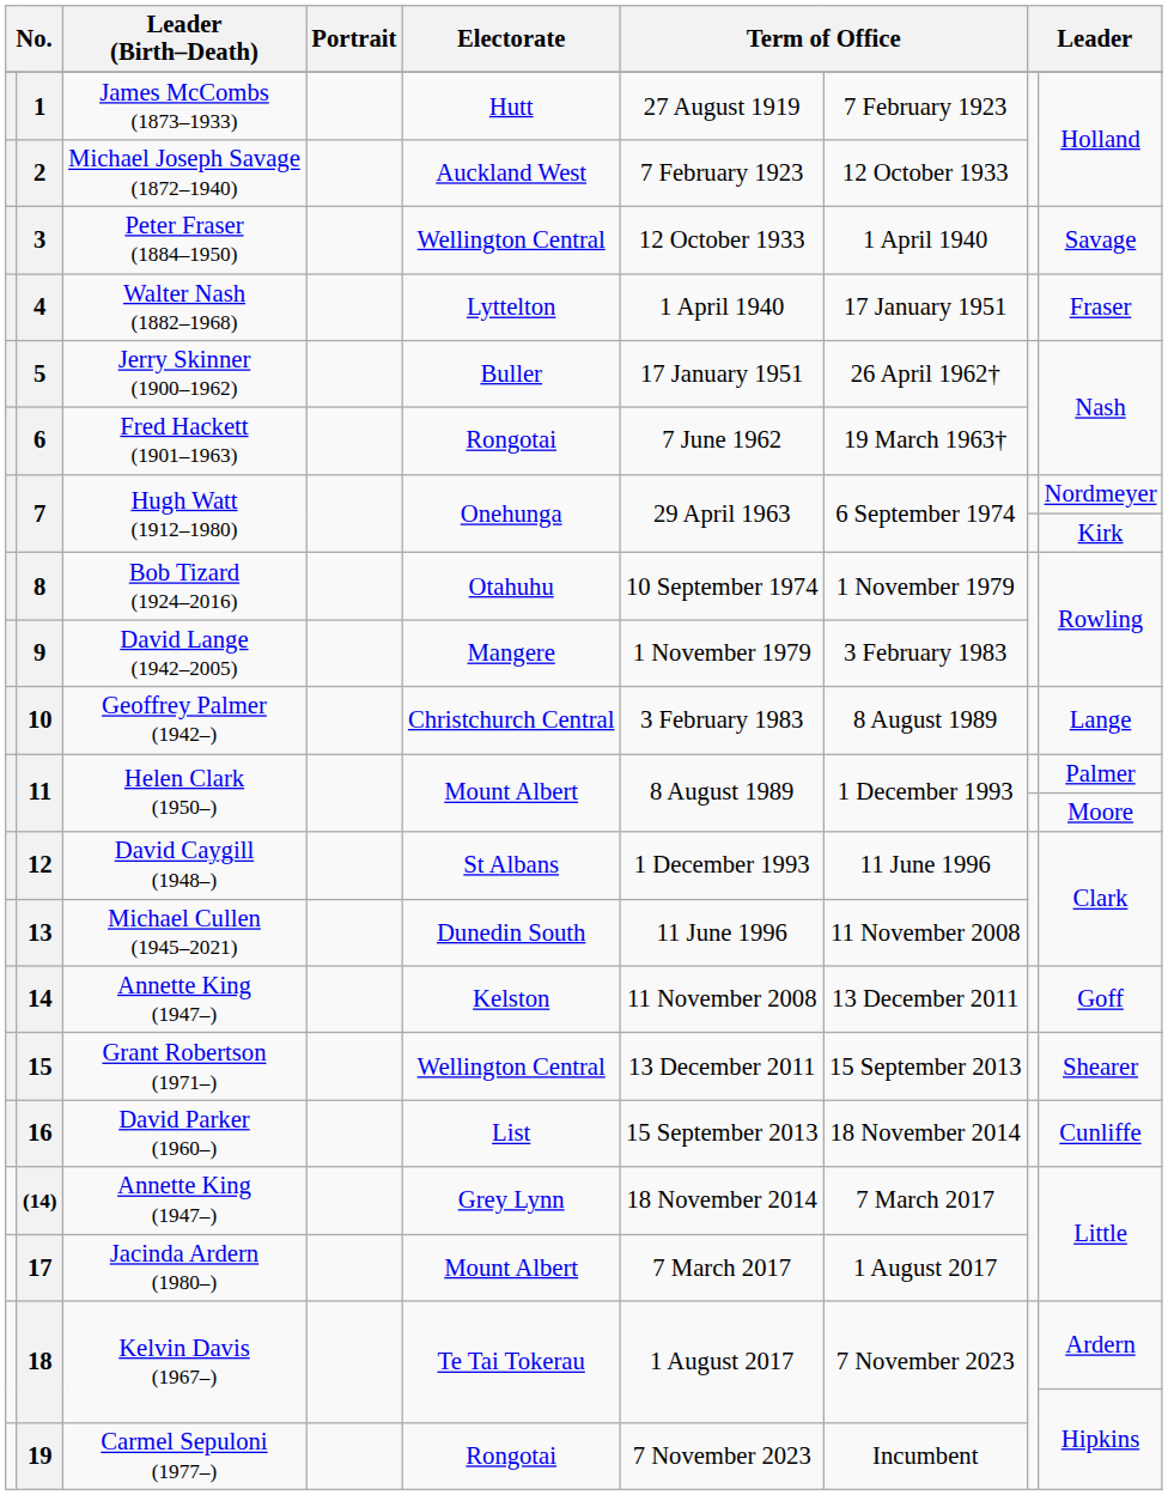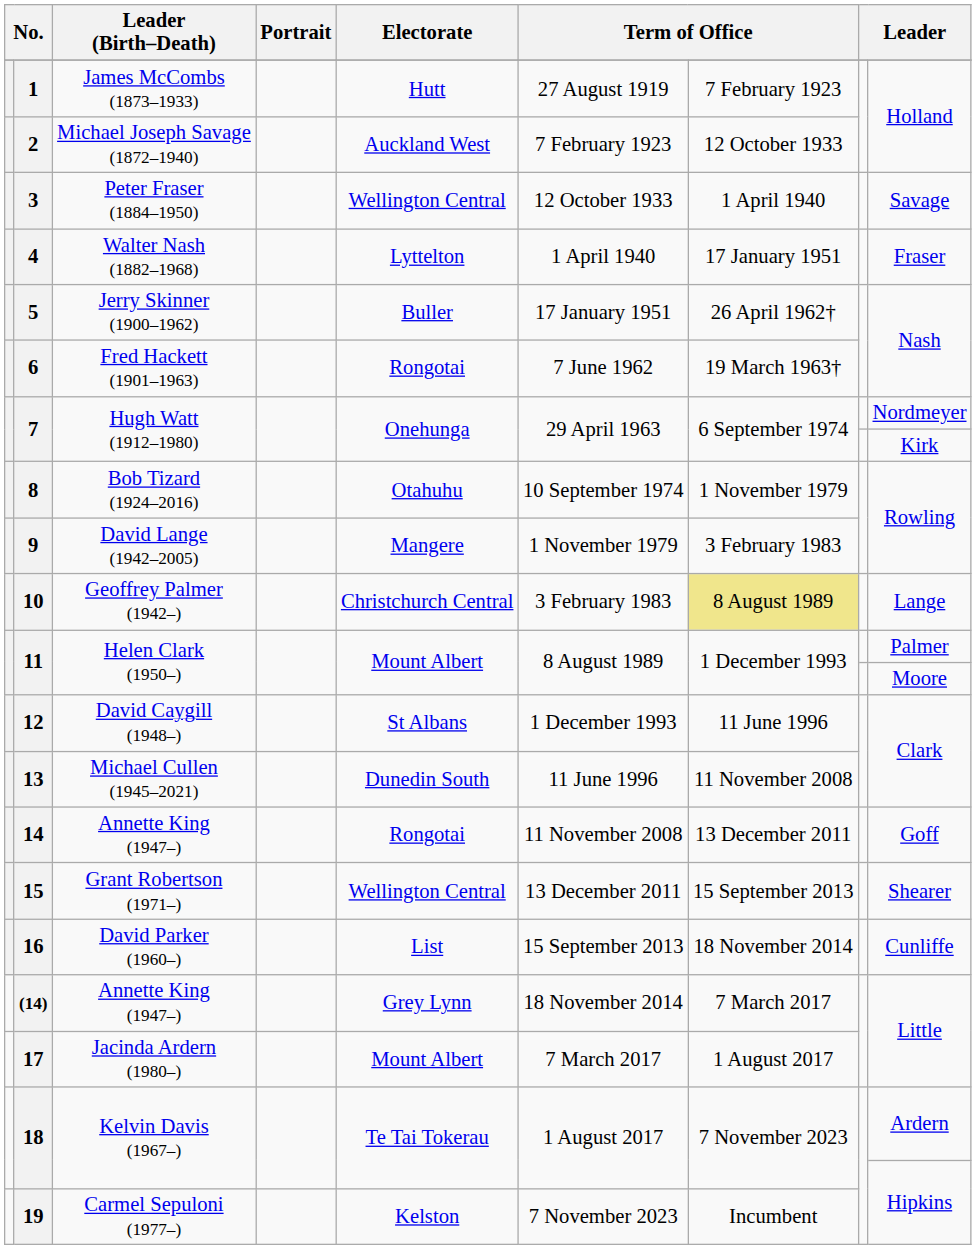 <table class="wikitable" style="text-align:center">
 <tr>
 <th colspan=2>No.</th>
 <th>Leader<br>(Birth–Death)</th>
 <th>Portrait</th>
 <th>Electorate</th>
 <th colspan=2>Term of Office</th>
 <th colspan=2>Leader</th>
 </tr>
 <tr>
 </tr>
 <tr>
 <th style="background:"></th>
 <th>1</th>
 <td><a href='#'>James McCombs</a><br><small>(1873–1933)</small></td>
 <td></td>
 <td><a href='#'>Hutt</a></td>
 <td>27 August 1919</td>
 <td>7 February 1923</td>
 <td rowspan=2 style="background:"></td>
 <td rowspan=2><a href='#'>Holland</a></td>
 </tr>
 <tr>
 <th style="background:"></th>
 <th>2</th>
 <td><a href='#'>Michael Joseph Savage</a><br><small>(1872–1940)</small></td>
 <td></td>
 <td><a href='#'>Auckland West</a></td>
 <td>7 February 1923</td>
 <td>12 October 1933</td>
 </tr>
 <tr>
 <th style="background:"></th>
 <th>3</th>
 <td><a href='#'>Peter Fraser</a><br><small>(1884–1950)</small></td>
 <td></td>
 <td><a href='#'>Wellington Central</a></td>
 <td>12 October 1933</td>
 <td>1 April 1940</td>
 <td style="background:"></td>
 <td><a href='#'>Savage</a></td>
 </tr>
 <tr>
 <th style="background:"></th>
 <th>4</th>
 <td><a href='#'>Walter Nash</a><br><small>(1882–1968)</small></td>
 <td></td>
 <td><a href='#'>Lyttelton</a></td>
 <td>1 April 1940</td>
 <td>17 January 1951</td>
 <td style="background:"></td>
 <td><a href='#'>Fraser</a></td>
 </tr>
 <tr>
 <th style="background:"></th>
 <th>5</th>
 <td><a href='#'>Jerry Skinner</a><br><small>(1900–1962)</small></td>
 <td></td>
 <td><a href='#'>Buller</a></td>
 <td>17 January 1951</td>
 <td>26 April 1962†</td>
 <td rowspan=2 height=15 style="background:"></td>
 <td rowspan=2><a href='#'>Nash</a></td>
 </tr>
 <tr>
 <th style="background:"></th>
 <th>6</th>
 <td><a href='#'>Fred Hackett</a><br><small>(1901–1963)</small></td>
 <td></td>
 <td><a href='#'>Rongotai</a></td>
 <td>7 June 1962</td>
 <td>19 March 1963†</td>
 </tr>
 <tr>
 <th rowspan=2 style="background:"></th>
 <th rowspan=2>7</th>
 <td rowspan=2><a href='#'>Hugh Watt</a><br><small>(1912–1980)</small></td>
 <td rowspan=2></td>
 <td rowspan=2><a href='#'>Onehunga</a></td>
 <td rowspan=2>29 April 1963</td>
 <td rowspan=2>6 September 1974</td>
 <td style="background:"></td>
 <td><a href='#'>Nordmeyer</a></td>
 </tr>
 <tr>
 <td style="background:"></td>
 <td><a href='#'>Kirk</a></td>
 </tr>
 <tr>
 <th style="background:"></th>
 <th>8</th>
 <td><a href='#'>Bob Tizard</a><br><small>(1924–2016)</small></td>
 <td></td>
 <td><a href='#'>Otahuhu</a></td>
 <td>10 September 1974</td>
 <td>1 November 1979</td>
 <td rowspan=2 style="background:"></td>
 <td rowspan=2><a href='#'>Rowling</a></td>
 </tr>
 <tr>
 <th style="background:"></th>
 <th>9</th>
 <td><a href='#'>David Lange</a><br><small>(1942–2005)</small></td>
 <td></td>
 <td><a href='#'>Mangere</a></td>
 <td>1 November 1979</td>
 <td>3 February 1983</td>
 </tr>
 <tr>
 <th style="background:"></th>
 <th>10</th>
 <td><a href='#'>Geoffrey Palmer</a><br><small>(1942–)</small></td>
 <td></td>
 <td><a href='#'>Christchurch Central</a></td>
 <td>3 February 1983</td>
-<td>8 August 1989</td>
+<td style="background: khaki;">8 August 1989</td>
 <td style="background:"></td>
 <td><a href='#'>Lange</a></td>
 </tr>
 <tr>
 <th rowspan=2 style="background:"></th>
 <th rowspan=2>11</th>
 <td rowspan=2><a href='#'>Helen Clark</a><br><small>(1950–)</small></td>
 <td rowspan=2></td>
 <td rowspan=2><a href='#'>Mount Albert</a></td>
 <td rowspan=2>8 August 1989</td>
 <td rowspan=2>1 December 1993</td>
 <td style="background:"></td>
 <td><a href='#'>Palmer</a></td>
 </tr>
 <tr>
 <td style="background:"></td>
 <td><a href='#'>Moore</a></td>
 </tr>
 <tr>
 <th style="background:"></th>
 <th>12</th>
 <td><a href='#'>David Caygill</a><br><small>(1948–)</small></td>
 <td></td>
 <td><a href='#'>St Albans</a></td>
 <td>1 December 1993</td>
 <td>11 June 1996</td>
 <td rowspan=2 height=15 style="border-top:solid 0 gray; background:"></td>
 <td rowspan=2><a href='#'>Clark</a></td>
 </tr>
 <tr>
 <th style="background:"></th>
 <th>13</th>
 <td><a href='#'>Michael Cullen</a><br><small>(1945–2021)</small></td>
 <td></td>
 <td><a href='#'>Dunedin South</a></td>
 <td>11 June 1996</td>
 <td>11 November 2008</td>
 </tr>
 <tr>
 <th style="background:"></th>
 <th>14</th>
 <td><a href='#'>Annette King</a><br><small>(1947–)</small></td>
 <td></td>
-<td><a href='#'>Kelston</a></td>
+<td><a href='#'>Rongotai</a></td>
 <td>11 November 2008</td>
 <td>13 December 2011</td>
 <td style="background:"></td>
 <td><a href='#'>Goff</a></td>
 </tr>
 <tr>
 <th style="background:"></th>
 <th>15</th>
 <td><a href='#'>Grant Robertson</a><br><small>(1971–)</small></td>
 <td></td>
 <td><a href='#'>Wellington Central</a></td>
 <td>13 December 2011</td>
 <td>15 September 2013</td>
 <td style="background:"></td>
 <td><a href='#'>Shearer</a></td>
 </tr>
 <tr>
 <th style="background:"></th>
 <th>16</th>
 <td><a href='#'>David Parker</a><br><small>(1960–)</small></td>
 <td></td>
 <td><a href='#'>List</a></td>
 <td>15 September 2013</td>
 <td>18 November 2014</td>
 <td style="background:"></td>
 <td><a href='#'>Cunliffe</a></td>
 </tr>
 <tr>
 <td style="background:"></td>
 <th><small>(14)</small></th>
 <td><a href='#'>Annette King</a><br><small>(1947–)</small></td>
 <td></td>
 <td><a href='#'>Grey Lynn</a></td>
 <td>18 November 2014</td>
 <td>7 March 2017</td>
 <td rowspan=2 height=15 style="border-top:solid 0 gray; background:"></td>
 <td rowspan=2><a href='#'>Little</a></td>
 </tr>
 <tr>
 <td style="background:"></td>
 <th>17</th>
 <td><a href='#'>Jacinda Ardern</a><br><small>(1980–)</small></td>
 <td></td>
 <td><a href='#'>Mount Albert</a></td>
 <td>7 March 2017</td>
 <td>1 August 2017</td>
 </tr>
 <tr>
 <td height=50 style="border-bottom:solid 0 grey; background:"></td>
 <th rowspan=2>18</th>
 <td rowspan=2><a href='#'>Kelvin Davis</a><br><small>(1967–)</small></td>
 <td rowspan=2></td>
 <td rowspan=2><a href='#'>Te Tai Tokerau</a></td>
 <td rowspan=2>1 August 2017</td>
 <td rowspan=2>7 November 2023</td>
 <td rowspan=3 style="background:"></td>
 <td><a href='#'>Ardern</a></td>
 </tr>
 <tr>
 <td height=15 style="border-top:solid 0 grey; background:"></td>
 <td rowspan=2><a href='#'>Hipkins</a></td>
 </tr>
 <tr>
 <td style="background:"></td>
 <th>19</th>
 <td><a href='#'>Carmel Sepuloni</a><br><small>(1977–)</small></td>
 <td></td>
-<td><a href='#'>Rongotai</a></td>
+<td><a href='#'>Kelston</a></td>
 <td>7 November 2023</td>
 <td>Incumbent</td>
 </tr>
 </table>
